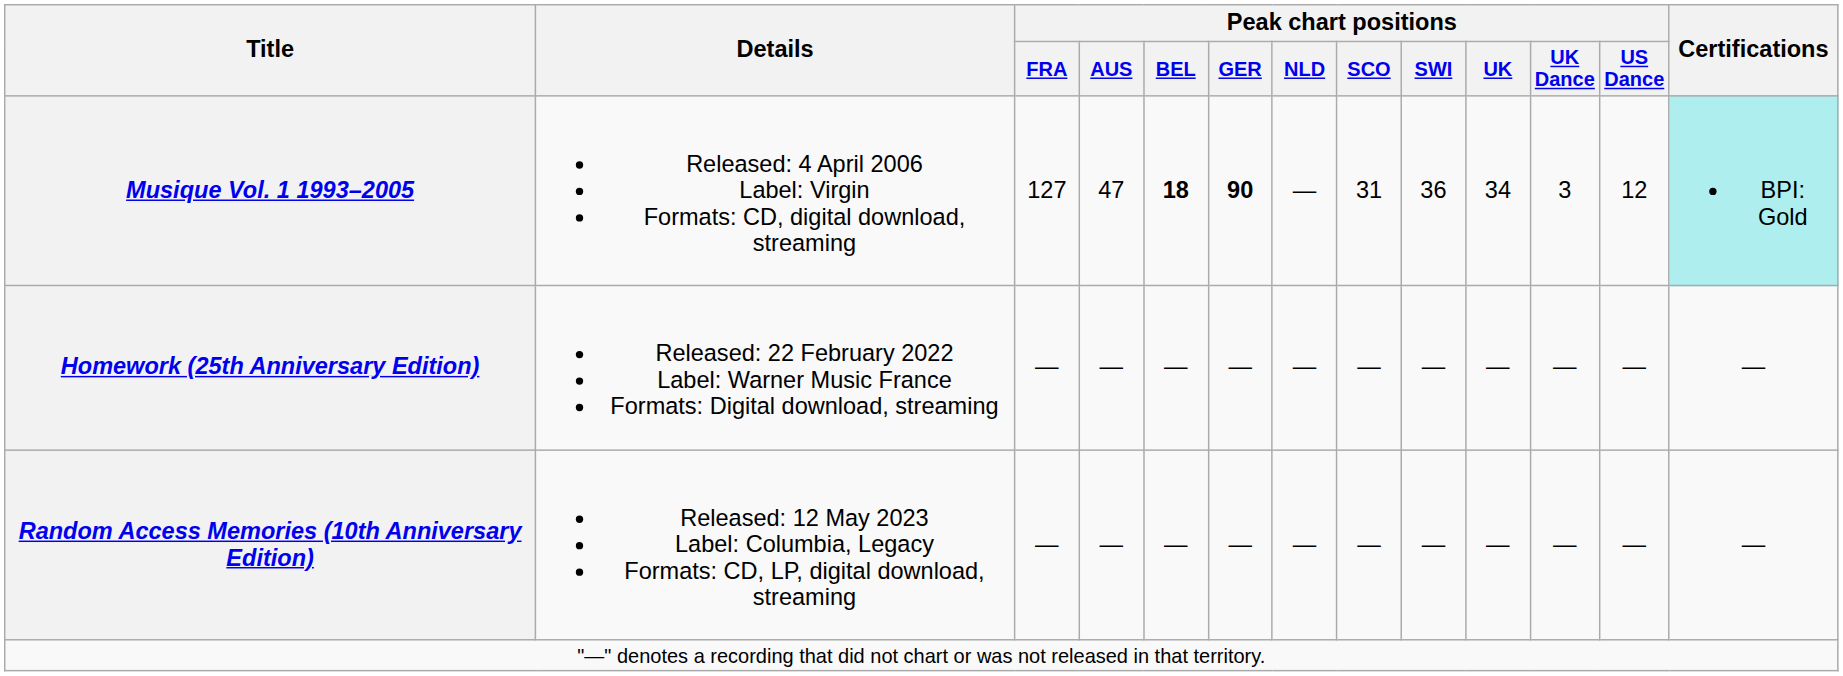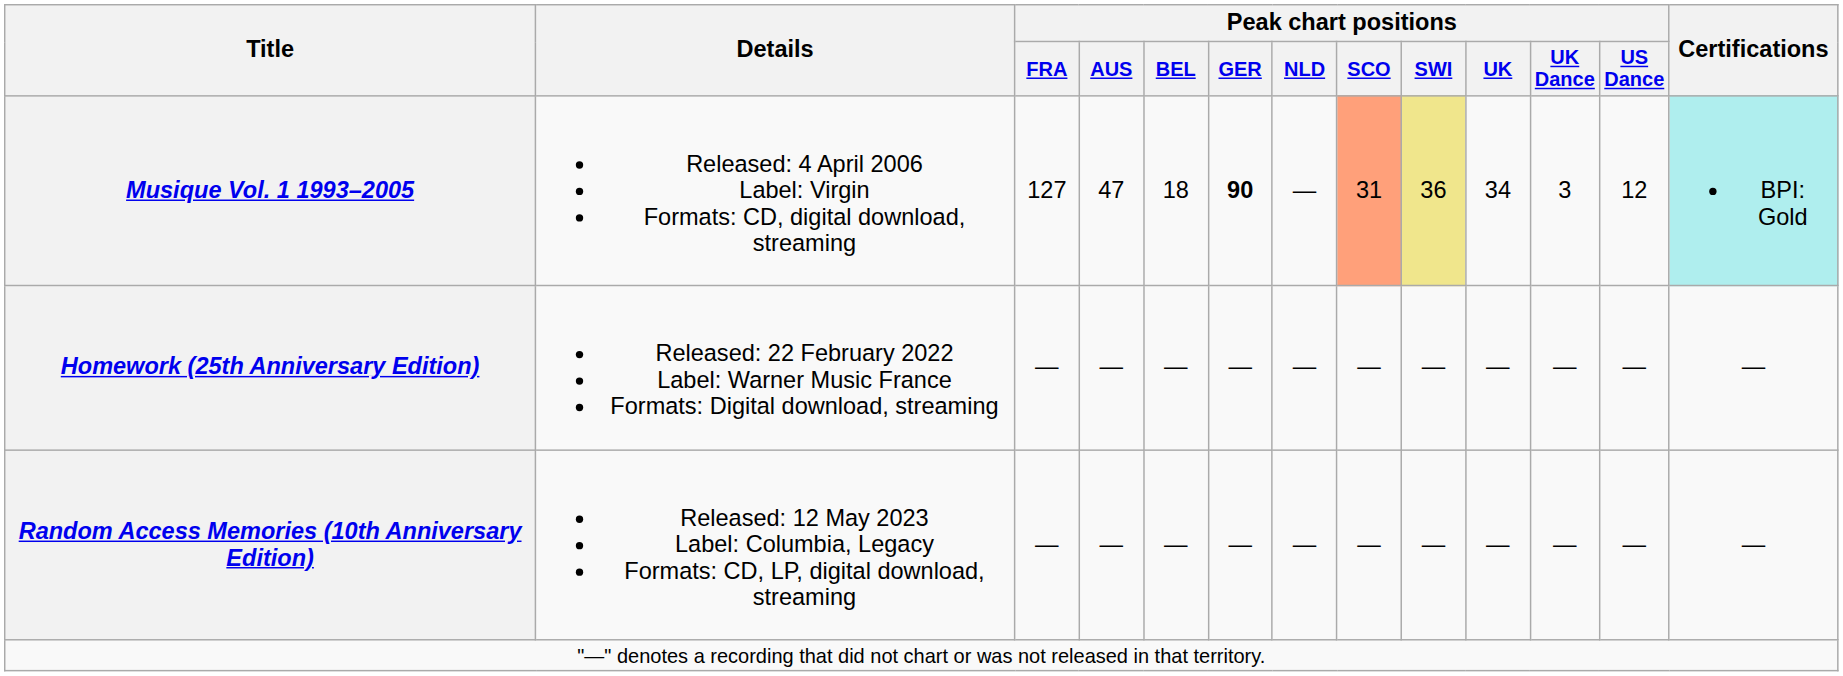 <table class="wikitable plainrowheaders" style="text-align:center;">
 <tr>
 <th scope="col" rowspan="2">Title</th>
 <th scope="col" rowspan="2">Details</th>
 <th scope="col" colspan="10">Peak chart positions</th>
 <th scope="col" rowspan="2">Certifications</th>
 </tr>
 <tr>
 <th scope="col" style="width:2.75em;font-size:85%;"><a href='#'>FRA</a><br></th>
 <th scope="col" style="width:2.75em;font-size:85%;"><a href='#'>AUS</a><br></th>
 <th scope="col" style="width:2.75em;font-size:85%;"><a href='#'>BEL</a><br></th>
 <th scope="col" style="width:2.75em;font-size:85%;"><a href='#'>GER</a><br></th>
 <th scope="col" style="width:2.75em;font-size:85%;"><a href='#'>NLD</a><br></th>
 <th scope="col" style="width:2.75em;font-size:85%;"><a href='#'>SCO</a><br></th>
 <th scope="col" style="width:2.75em;font-size:85%;"><a href='#'>SWI</a><br></th>
 <th scope="col" style="width:2.75em;font-size:85%;"><a href='#'>UK</a><br></th>
 <th scope="col" style="width:2.75em;font-size:85%;"><a href='#'>UK<br>Dance</a><br></th>
 <th scope="col" style="width:2.75em;font-size:85%;"><a href='#'>US<br>Dance</a><br></th>
 </tr>
 <tr>
 <th scope="row"><em><a href='#'>Musique Vol. 1 1993–2005</a></em></th>
 <td><br><ul><li>Released: 4 April 2006 </li><li>Label: Virgin</li><li>Formats: CD, digital download, streaming</li></ul></td>
 <td>127</td>
 <td>47</td>
-<td><strong>18</strong></td>
+<td>18</td>
 <td><strong>90</strong></td>
 <td>—</td>
-<td>31</td>
-<td>36</td>
+<td style="background: lightsalmon;">31</td>
+<td style="background: khaki;">36</td>
 <td>34</td>
 <td>3</td>
 <td>12</td>
 <td style="background: paleturquoise;"><br><ul><li>BPI: Gold</li></ul></td>
 </tr>
 <tr>
 <th scope="row"><em><a href='#'>Homework (25th Anniversary Edition)</a></em></th>
 <td><br><ul><li>Released: 22 February 2022 </li><li>Label: Warner Music France</li><li>Formats: Digital download, streaming</li></ul></td>
 <td>—</td>
 <td>—</td>
 <td>—</td>
 <td>—</td>
 <td>—</td>
 <td>—</td>
 <td>—</td>
 <td>—</td>
 <td>—</td>
 <td>—</td>
 <td>—</td>
 </tr>
 <tr>
 <th scope="row"><em><a href='#'>Random Access Memories (10th Anniversary Edition)</a></em></th>
 <td><br><ul><li>Released: 12 May 2023 </li><li>Label: Columbia, Legacy</li><li>Formats: CD, LP, digital download, streaming</li></ul></td>
 <td>—</td>
 <td>—</td>
 <td>—</td>
 <td>—</td>
 <td>—</td>
 <td>—</td>
 <td>—</td>
 <td>—</td>
 <td>—</td>
 <td>—</td>
 <td>—</td>
 </tr>
 <tr>
 <td colspan="14" style="font-size:85%">"—" denotes a recording that did not chart or was not released in that territory.</td>
 </tr>
 </table>
